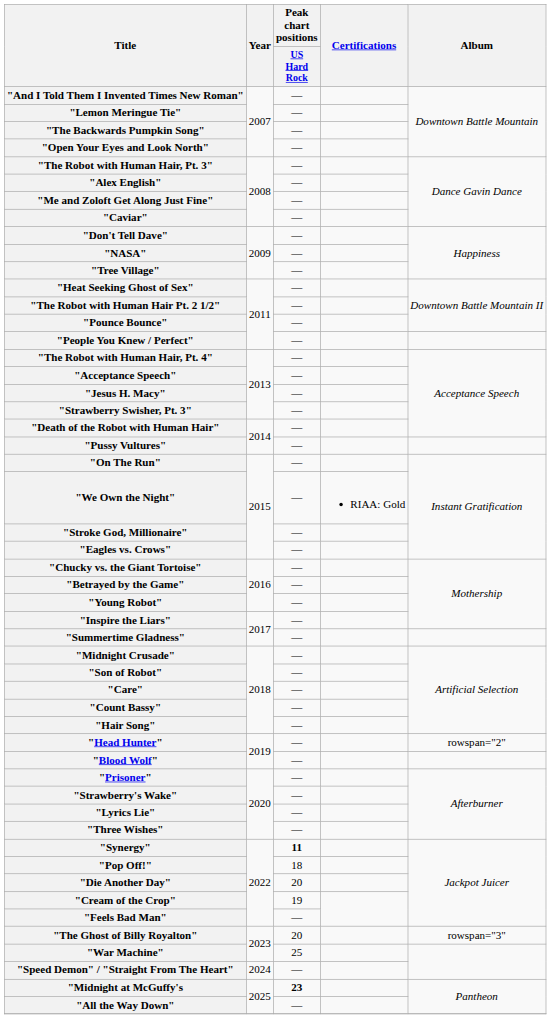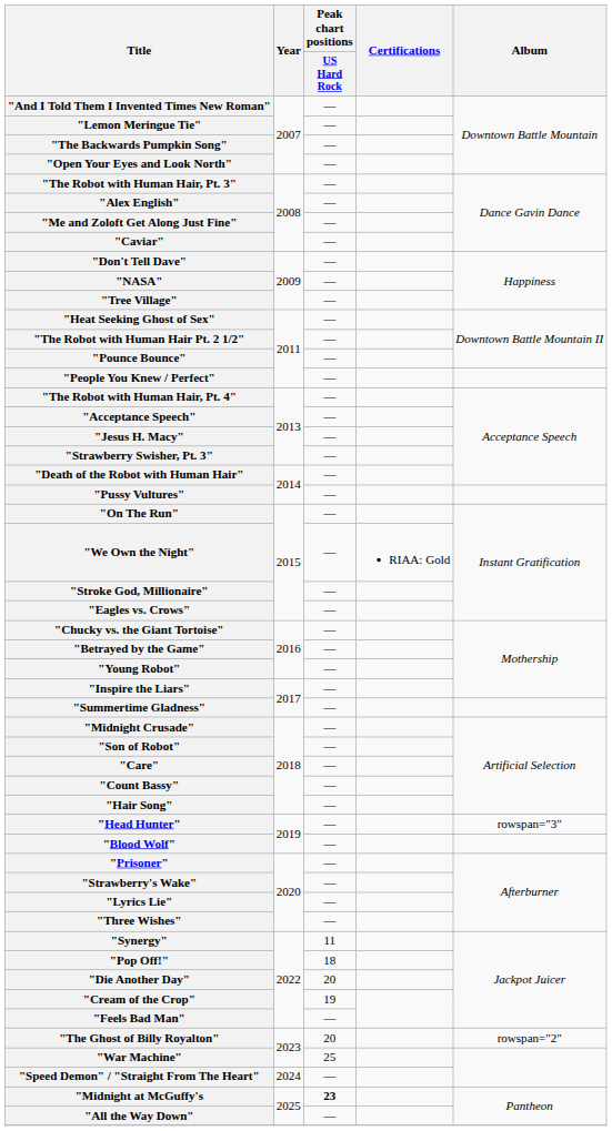 <table class="wikitable plainrowheaders" style="text-align:center;">
 <tr>
 <th scope="col" rowspan="2">Title</th>
 <th scope="col" rowspan="2">Year</th>
 <th scope="col">Peak chart positions</th>
 <th scope="col" rowspan="2"><a href='#'>Certifications</a></th>
 <th rowspan="2" scope="col">Album</th>
 </tr>
 <tr>
 <th style="width:4em;font-size:90%"><a href='#'>US<br>Hard Rock</a></th>
 </tr>
 <tr>
 <th scope="row">"And I Told Them I Invented Times New Roman"</th>
 <td rowspan="4">2007</td>
 <td>—</td>
 <td></td>
 <td rowspan="4"><em>Downtown Battle Mountain</em></td>
 </tr>
 <tr>
 <th scope="row">"Lemon Meringue Tie"</th>
 <td>—</td>
 <td></td>
 </tr>
 <tr>
 <th scope="row">"The Backwards Pumpkin Song"</th>
 <td>—</td>
 <td></td>
 </tr>
 <tr>
 <th scope="row">"Open Your Eyes and Look North"</th>
 <td>—</td>
 <td></td>
 </tr>
 <tr>
 <th scope="row">"The Robot with Human Hair, Pt. 3"</th>
 <td rowspan="4">2008</td>
 <td>—</td>
 <td></td>
 <td rowspan="4"><em>Dance Gavin Dance</em></td>
 </tr>
 <tr>
 <th scope="row">"Alex English"</th>
 <td>—</td>
 <td></td>
 </tr>
 <tr>
 <th scope="row">"Me and Zoloft Get Along Just Fine"</th>
 <td>—</td>
 <td></td>
 </tr>
 <tr>
 <th scope="row">"Caviar"</th>
 <td>—</td>
 <td></td>
 </tr>
 <tr>
 <th scope="row">"Don't Tell Dave"</th>
 <td rowspan="3">2009</td>
 <td>—</td>
 <td></td>
 <td rowspan="3"><em>Happiness</em></td>
 </tr>
 <tr>
 <th scope="row">"NASA"</th>
 <td>—</td>
 <td></td>
 </tr>
 <tr>
 <th scope="row">"Tree Village"</th>
 <td>—</td>
 <td></td>
 </tr>
 <tr>
 <th scope="row">"Heat Seeking Ghost of Sex"</th>
 <td rowspan="4">2011</td>
 <td>—</td>
 <td></td>
 <td rowspan="3"><em>Downtown Battle Mountain II</em></td>
 </tr>
 <tr>
 <th scope="row">"The Robot with Human Hair Pt. 2 1/2"</th>
 <td>—</td>
 <td></td>
 </tr>
 <tr>
 <th scope="row">"Pounce Bounce"</th>
 <td>—</td>
 <td></td>
 </tr>
 <tr>
 <th scope="row">"People You Knew / Perfect"</th>
 <td>—</td>
 <td></td>
 <td></td>
 </tr>
 <tr>
 <th scope="row">"The Robot with Human Hair, Pt. 4"</th>
 <td rowspan="4">2013</td>
 <td>—</td>
 <td></td>
 <td rowspan="5"><em>Acceptance Speech</em></td>
 </tr>
 <tr>
 <th scope="row">"Acceptance Speech"</th>
 <td>—</td>
 <td></td>
 </tr>
 <tr>
 <th scope="row">"Jesus H. Macy"</th>
 <td>—</td>
 <td></td>
 </tr>
 <tr>
 <th scope="row">"Strawberry Swisher, Pt. 3"</th>
 <td>—</td>
 <td></td>
 </tr>
 <tr>
 <th scope="row">"Death of the Robot with Human Hair"</th>
 <td rowspan="2">2014</td>
 <td>—</td>
 <td></td>
 </tr>
 <tr>
 <th scope="row">"Pussy Vultures"</th>
 <td>—</td>
 <td></td>
 <td></td>
 </tr>
 <tr>
 <th scope="row">"On The Run"</th>
 <td rowspan="4">2015</td>
 <td>—</td>
 <td></td>
 <td rowspan="4"><em>Instant Gratification</em></td>
 </tr>
 <tr>
 <th scope="row">"We Own the Night"</th>
 <td>—</td>
 <td><br><ul><li>RIAA: Gold</li></ul></td>
 </tr>
 <tr>
 <th scope="row">"Stroke God, Millionaire"</th>
 <td>—</td>
 </tr>
 <tr>
 <th scope="row">"Eagles vs. Crows"</th>
 <td>—</td>
 <td></td>
 </tr>
 <tr>
 <th scope="row">"Chucky vs. the Giant Tortoise"</th>
 <td rowspan="3">2016</td>
 <td>—</td>
 <td></td>
 <td rowspan="4"><em>Mothership</em></td>
 </tr>
 <tr>
 <th scope="row">"Betrayed by the Game"</th>
 <td>—</td>
 <td></td>
 </tr>
 <tr>
 <th scope="row">"Young Robot"</th>
 <td>—</td>
 <td></td>
 </tr>
 <tr>
 <th scope="row">"Inspire the Liars"</th>
 <td rowspan="2">2017</td>
 <td>—</td>
 <td></td>
 </tr>
 <tr>
 <th scope="row">"Summertime Gladness"</th>
 <td>—</td>
 <td></td>
 <td></td>
 </tr>
 <tr>
 <th scope="row">"Midnight Crusade"</th>
 <td rowspan="5">2018</td>
 <td>—</td>
 <td></td>
 <td rowspan="5"><em>Artificial Selection</em></td>
 </tr>
 <tr>
 <th scope="row">"Son of Robot"</th>
 <td>—</td>
 <td></td>
 </tr>
 <tr>
 <th scope="row">"Care"</th>
 <td>—</td>
 <td></td>
 </tr>
 <tr>
 <th scope="row">"Count Bassy"</th>
 <td>—</td>
 <td></td>
 </tr>
 <tr>
 <th scope="row">"Hair Song"</th>
 <td>—</td>
 <td></td>
 </tr>
 <tr>
 <th scope="row">"<a href='#'>Head Hunter</a>"</th>
 <td rowspan="2">2019</td>
 <td>—</td>
 <td></td>
-<td>rowspan="2" </td>
+<td>rowspan="3" </td>
 </tr>
 <tr>
 <th scope="row">"<a href='#'>Blood Wolf</a>"</th>
 <td>—</td>
 <td></td>
 </tr>
 <tr>
 <th scope="row">"<a href='#'>Prisoner</a>"</th>
 <td rowspan="4">2020</td>
 <td>—</td>
 <td></td>
 <td rowspan="4"><em>Afterburner</em></td>
 </tr>
 <tr>
 <th scope="row">"Strawberry's Wake"</th>
 <td>—</td>
 <td></td>
 </tr>
 <tr>
 <th scope="row">"Lyrics Lie"</th>
 <td>—</td>
 <td></td>
 </tr>
 <tr>
 <th scope="row">"Three Wishes"</th>
 <td>—</td>
 <td></td>
 </tr>
 <tr>
 <th scope="row">"Synergy"</th>
 <td rowspan="5">2022</td>
-<td><strong>11</strong></td>
+<td>11</td>
 <td></td>
 <td rowspan="5"><em>Jackpot Juicer</em></td>
 </tr>
 <tr>
 <th scope="row">"Pop Off!"</th>
 <td>18</td>
 <td></td>
 </tr>
 <tr>
 <th scope="row">"Die Another Day"</th>
 <td>20</td>
 <td></td>
 </tr>
 <tr>
 <th scope="row">"Cream of the Crop"</th>
 <td>19</td>
 </tr>
 <tr>
 <th scope="row">"Feels Bad Man"</th>
 <td>—</td>
 </tr>
 <tr>
 <th scope="row">"The Ghost of Billy Royalton"</th>
 <td rowspan="2">2023</td>
 <td>20</td>
 <td></td>
-<td>rowspan="3" </td>
+<td>rowspan="2" </td>
 </tr>
 <tr>
 <th scope="row">"War Machine"</th>
 <td>25</td>
 <td></td>
 </tr>
 <tr>
 <th scope="row">"Speed Demon" / "Straight From The Heart"</th>
 <td>2024</td>
 <td>—</td>
 <td></td>
 </tr>
 <tr>
 <th scope="row">"Midnight at McGuffy's</th>
 <td rowspan="2">2025</td>
 <td><strong>23</strong></td>
 <td></td>
 <td rowspan="2"><em>Pantheon</em></td>
 </tr>
 <tr>
 <th scope="row">"All the Way Down"</th>
 <td>—</td>
 <td></td>
 </tr>
 <tr>
 </tr>
 </table>
